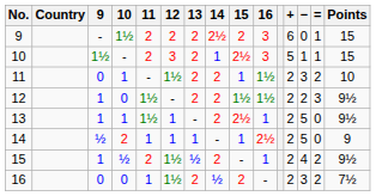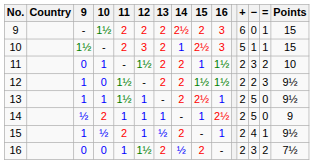 <table class="wikitable" style="text-align:center">
 <tr>
 <th>No.</th>
 <th>Country</th>
 <th>9</th>
 <th>10</th>
 <th>11</th>
 <th>12</th>
 <th>13</th>
 <th>14</th>
 <th>15</th>
 <th>16</th>
 <th></th>
 <th>+</th>
 <th>−</th>
 <th>=</th>
 <th>Points</th>
 </tr>
 <tr>
 <td>9</td>
 <td style="text-align: left"></td>
 <td>-</td>
 <td style="color:green;">1½</td>
 <td style="color:red;">2</td>
 <td style="color:red;">2</td>
 <td style="color:red;">2</td>
 <td style="color:red;">2½</td>
 <td style="color:red;">2</td>
 <td style="color:red;">3</td>
 <th></th>
 <td>6</td>
 <td>0</td>
 <td>1</td>
 <td>15</td>
 </tr>
 <tr>
 <td>10</td>
 <td style="text-align: left"></td>
 <td style="color:green;">1½</td>
 <td>-</td>
 <td style="color:red;">2</td>
 <td style="color:red;">3</td>
 <td style="color:red;">2</td>
 <td style="color:blue;">1</td>
 <td style="color:red;">2½</td>
 <td style="color:red;">3</td>
 <th></th>
 <td>5</td>
 <td>1</td>
 <td>1</td>
 <td>15</td>
 </tr>
 <tr>
 <td>11</td>
 <td style="text-align: left"></td>
 <td style="color:blue;">0</td>
 <td style="color:blue;">1</td>
 <td>-</td>
 <td style="color:green;">1½</td>
 <td style="color:red;">2</td>
 <td style="color:red;">2</td>
 <td style="color:blue;">1</td>
 <td style="color:green;">1½</td>
 <th></th>
 <td>2</td>
 <td>3</td>
 <td>2</td>
 <td>10</td>
 </tr>
 <tr>
 <td>12</td>
 <td style="text-align: left"></td>
 <td style="color:blue;">1</td>
 <td style="color:blue;">0</td>
 <td style="color:green;">1½</td>
 <td>-</td>
 <td style="color:red;">2</td>
 <td style="color:red;">2</td>
 <td style="color:green;">1½</td>
 <td style="color:green;">1½</td>
 <th></th>
 <td>2</td>
 <td>2</td>
 <td>3</td>
 <td>9½</td>
 </tr>
 <tr>
 <td>13</td>
 <td style="text-align: left"></td>
 <td style="color:blue;">1</td>
 <td style="color:blue;">1</td>
 <td style="color:green;">1½</td>
 <td style="color:blue;">1</td>
 <td>-</td>
 <td style="color:red;">2</td>
 <td style="color:red;">2½</td>
 <td style="color:blue;">1</td>
 <th></th>
 <td>2</td>
 <td>5</td>
 <td>0</td>
 <td>9½</td>
 </tr>
 <tr>
 <td>14</td>
 <td style="text-align: left"></td>
 <td style="color:blue;">½</td>
 <td style="color:red;">2</td>
 <td style="color:blue;">1</td>
 <td style="color:blue;">1</td>
 <td style="color:blue;">1</td>
 <td>-</td>
 <td style="color:blue;">1</td>
 <td style="color:red;">2½</td>
 <th></th>
 <td>2</td>
 <td>5</td>
 <td>0</td>
 <td>9</td>
 </tr>
 <tr>
 <td>15</td>
 <td style="text-align: left"></td>
 <td style="color:blue;">1</td>
 <td style="color:blue;">½</td>
 <td style="color:red;">2</td>
-<td style="color:green;">1½</td>
+<td style="color:blue;">1</td>
 <td style="color:blue;">½</td>
 <td style="color:red;">2</td>
 <td>-</td>
 <td style="color:blue;">1</td>
 <th></th>
 <td>2</td>
 <td>4</td>
-<td>2</td>
+<td>1</td>
 <td>9½</td>
 </tr>
 <tr>
 <td>16</td>
 <td style="text-align: left"></td>
 <td style="color:blue;">0</td>
 <td style="color:blue;">0</td>
 <td style="color:blue;">1</td>
 <td style="color:green;">1½</td>
 <td style="color:red;">2</td>
 <td style="color:blue;">½</td>
 <td style="color:red;">2</td>
 <td>-</td>
 <th></th>
 <td>2</td>
 <td>3</td>
 <td>2</td>
 <td>7½</td>
 </tr>
 </table>
